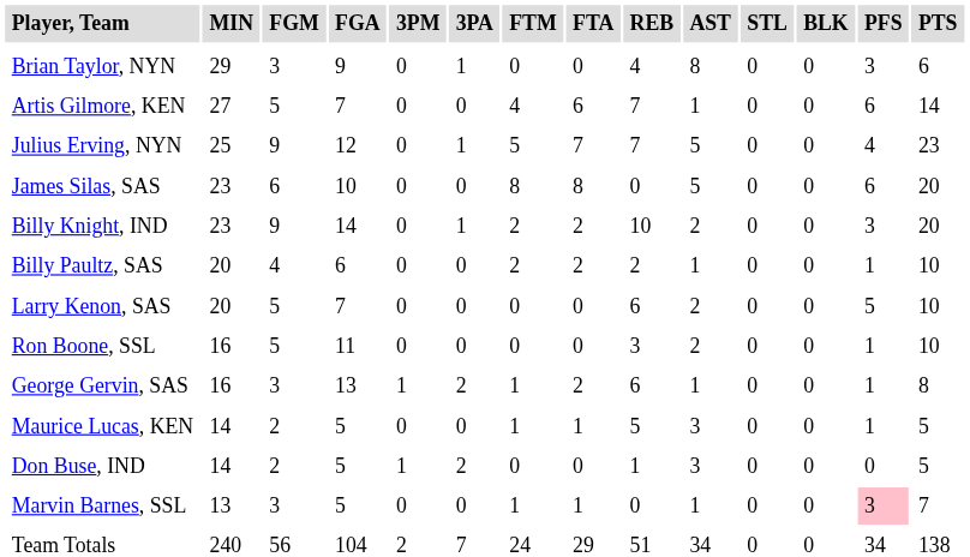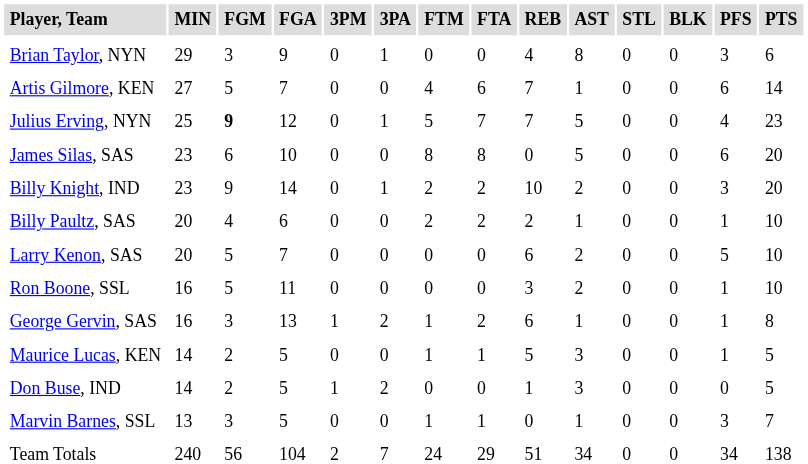 <table cellpadding=5>
 <tr bgcolor="#dddddd">
 <td><strong>Player, Team</strong></td>
 <td><strong>MIN</strong></td>
 <td><strong>FGM</strong></td>
 <td><strong>FGA</strong></td>
 <td><strong>3PM</strong></td>
 <td><strong>3PA</strong></td>
 <td><strong>FTM</strong></td>
 <td><strong>FTA</strong></td>
 <td><strong>REB</strong></td>
 <td><strong>AST</strong></td>
 <td><strong>STL</strong></td>
 <td><strong>BLK</strong></td>
 <td><strong>PFS</strong></td>
 <td><strong>PTS</strong></td>
 </tr>
 <tr bgcolor="#eeeeee">
 </tr>
 <tr>
 <td><a href='#'>Brian Taylor</a>, NYN</td>
 <td>29</td>
 <td>3</td>
 <td>9</td>
 <td>0</td>
 <td>1</td>
 <td>0</td>
 <td>0</td>
 <td>4</td>
 <td>8</td>
 <td>0</td>
 <td>0</td>
 <td>3</td>
 <td>6</td>
 </tr>
 <tr>
 <td><a href='#'>Artis Gilmore</a>, KEN</td>
 <td>27</td>
 <td>5</td>
 <td>7</td>
 <td>0</td>
 <td>0</td>
 <td>4</td>
 <td>6</td>
 <td>7</td>
 <td>1</td>
 <td>0</td>
 <td>0</td>
 <td>6</td>
 <td>14</td>
 </tr>
 <tr>
 <td><a href='#'>Julius Erving</a>, NYN</td>
 <td>25</td>
-<td>9</td>
+<td><strong>9</strong></td>
 <td>12</td>
 <td>0</td>
 <td>1</td>
 <td>5</td>
 <td>7</td>
 <td>7</td>
 <td>5</td>
 <td>0</td>
 <td>0</td>
 <td>4</td>
 <td>23</td>
 </tr>
 <tr>
 <td><a href='#'>James Silas</a>, SAS</td>
 <td>23</td>
 <td>6</td>
 <td>10</td>
 <td>0</td>
 <td>0</td>
 <td>8</td>
 <td>8</td>
 <td>0</td>
 <td>5</td>
 <td>0</td>
 <td>0</td>
 <td>6</td>
 <td>20</td>
 </tr>
 <tr>
 <td><a href='#'>Billy Knight</a>, IND</td>
 <td>23</td>
 <td>9</td>
 <td>14</td>
 <td>0</td>
 <td>1</td>
 <td>2</td>
 <td>2</td>
 <td>10</td>
 <td>2</td>
 <td>0</td>
 <td>0</td>
 <td>3</td>
 <td>20</td>
 </tr>
 <tr>
 <td><a href='#'>Billy Paultz</a>, SAS</td>
 <td>20</td>
 <td>4</td>
 <td>6</td>
 <td>0</td>
 <td>0</td>
 <td>2</td>
 <td>2</td>
 <td>2</td>
 <td>1</td>
 <td>0</td>
 <td>0</td>
 <td>1</td>
 <td>10</td>
 </tr>
 <tr>
 <td><a href='#'>Larry Kenon</a>, SAS</td>
 <td>20</td>
 <td>5</td>
 <td>7</td>
 <td>0</td>
 <td>0</td>
 <td>0</td>
 <td>0</td>
 <td>6</td>
 <td>2</td>
 <td>0</td>
 <td>0</td>
 <td>5</td>
 <td>10</td>
 </tr>
 <tr>
 <td><a href='#'>Ron Boone</a>, SSL</td>
 <td>16</td>
 <td>5</td>
 <td>11</td>
 <td>0</td>
 <td>0</td>
 <td>0</td>
 <td>0</td>
 <td>3</td>
 <td>2</td>
 <td>0</td>
 <td>0</td>
 <td>1</td>
 <td>10</td>
 </tr>
 <tr>
 <td><a href='#'>George Gervin</a>, SAS</td>
 <td>16</td>
 <td>3</td>
 <td>13</td>
 <td>1</td>
 <td>2</td>
 <td>1</td>
 <td>2</td>
 <td>6</td>
 <td>1</td>
 <td>0</td>
 <td>0</td>
 <td>1</td>
 <td>8</td>
 </tr>
 <tr>
 <td><a href='#'>Maurice Lucas</a>, KEN</td>
 <td>14</td>
 <td>2</td>
 <td>5</td>
 <td>0</td>
 <td>0</td>
 <td>1</td>
 <td>1</td>
 <td>5</td>
 <td>3</td>
 <td>0</td>
 <td>0</td>
 <td>1</td>
 <td>5</td>
 </tr>
 <tr>
 <td><a href='#'>Don Buse</a>, IND</td>
 <td>14</td>
 <td>2</td>
 <td>5</td>
 <td>1</td>
 <td>2</td>
 <td>0</td>
 <td>0</td>
 <td>1</td>
 <td>3</td>
 <td>0</td>
 <td>0</td>
 <td>0</td>
 <td>5</td>
 </tr>
 <tr>
 <td><a href='#'>Marvin Barnes</a>, SSL</td>
 <td>13</td>
 <td>3</td>
 <td>5</td>
 <td>0</td>
 <td>0</td>
 <td>1</td>
 <td>1</td>
 <td>0</td>
 <td>1</td>
 <td>0</td>
 <td>0</td>
-<td style="background: pink;">3</td>
+<td>3</td>
 <td>7</td>
 </tr>
 <tr>
 <td>Team Totals</td>
 <td>240</td>
 <td>56</td>
 <td>104</td>
 <td>2</td>
 <td>7</td>
 <td>24</td>
 <td>29</td>
 <td>51</td>
 <td>34</td>
 <td>0</td>
 <td>0</td>
 <td>34</td>
 <td>138</td>
 </tr>
 <tr>
 </tr>
 </table>
